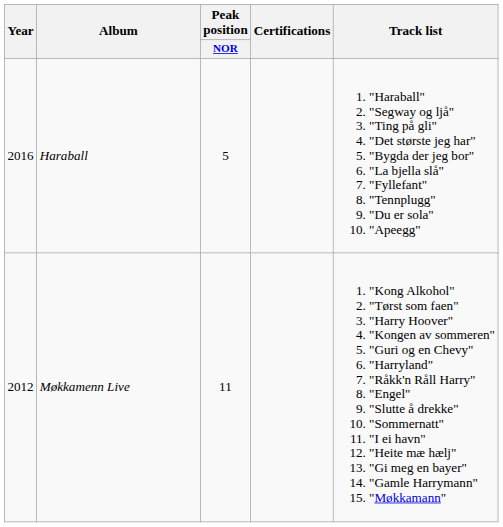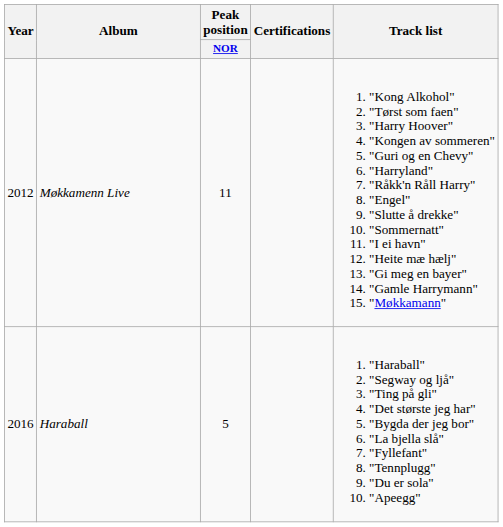 <table class="wikitable plainrowheaders" style="text-align:center;">
 <tr>
 <th scope="col" rowspan="2">Year</th>
 <th scope="col" rowspan="2" style="width:12em;">Album</th>
 <th scope="col">Peak position</th>
 <th scope="col" rowspan="2">Certifications</th>
 <th scope="col" rowspan="2">Track list</th>
 </tr>
 <tr>
 <th scope="col" style="width:3em;font-size:85%;"><a href='#'>NOR</a><br></th>
 </tr>
 <tr>
+<td>2012</td>
+<td style="text-align:left;"><em>Møkkamenn Live</em></td>
+<td>11</td>
+<td style="text-align:left;"></td>
+<td style="text-align:left;"><br><ol><li>"Kong Alkohol"</li><li>"Tørst som faen"</li><li>"Harry Hoover"</li><li>"Kongen av sommeren"</li><li>"Guri og en Chevy"</li><li>"Harryland"</li><li>"Råkk'n Råll Harry"</li><li>"Engel"</li><li>"Slutte å drekke"</li><li>"Sommernatt"</li><li>"I ei havn"</li><li>"Heite mæ hælj"</li><li>"Gi meg en bayer"</li><li>"Gamle Harrymann"</li><li>"<a href='#'>Møkkamann</a>"</li></ol></td>
+</tr>
+<tr>
 <td>2016</td>
 <td style="text-align:left;"><em>Haraball</em></td>
 <td>5<br></td>
 <td style="text-align:left;"></td>
 <td style="text-align:left;"><br><ol><li>"Haraball"</li><li>"Segway og ljå"</li><li>"Ting på gli"</li><li>"Det største jeg har"</li><li>"Bygda der jeg bor"</li><li>"La bjella slå"</li><li>"Fyllefant"</li><li>"Tennplugg"</li><li>"Du er sola"</li><li>"Apeegg"</li></ol></td>
 </tr>
-<tr>
-<td>2012</td>
-<td style="text-align:left;"><em>Møkkamenn Live</em></td>
-<td>11</td>
-<td style="text-align:left;"></td>
-<td style="text-align:left;"><br><ol><li>"Kong Alkohol"</li><li>"Tørst som faen"</li><li>"Harry Hoover"</li><li>"Kongen av sommeren"</li><li>"Guri og en Chevy"</li><li>"Harryland"</li><li>"Råkk'n Råll Harry"</li><li>"Engel"</li><li>"Slutte å drekke"</li><li>"Sommernatt"</li><li>"I ei havn"</li><li>"Heite mæ hælj"</li><li>"Gi meg en bayer"</li><li>"Gamle Harrymann"</li><li>"<a href='#'>Møkkamann</a>"</li></ol></td>
-</tr>
 </table>
